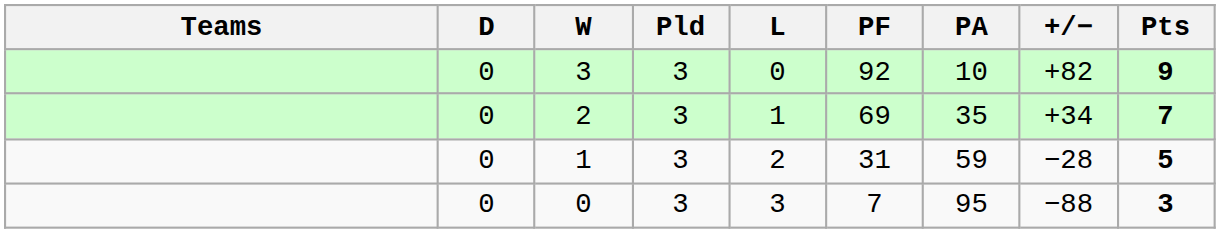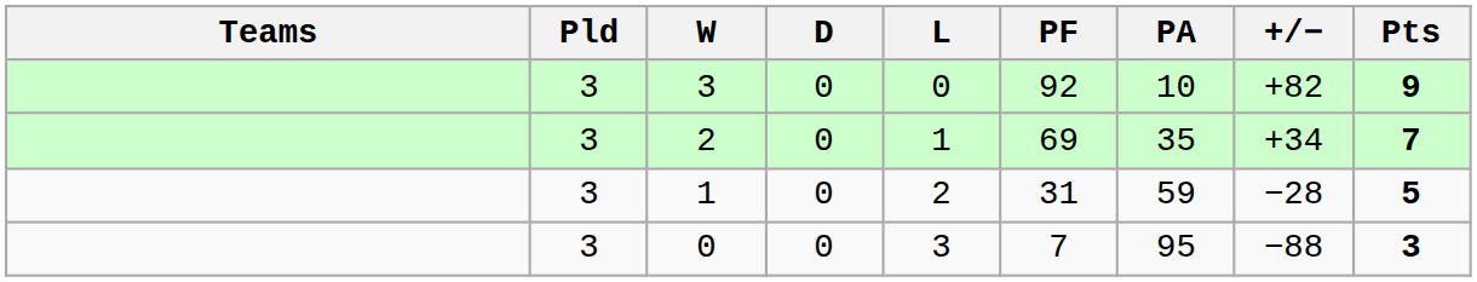 <table class="wikitable" style="text-align: center;">
 <tr>
 <th style="width:200px;">Teams</th>
+<th width="40">Pld</th>
+<th width="40">W</th>
 <th width="40">D</th>
-<th width="40">W</th>
-<th width="40">Pld</th>
 <th width="40">L</th>
 <th width="40">PF</th>
 <th width="40">PA</th>
 <th width="40">+/−</th>
 <th width="40">Pts</th>
 </tr>
 <tr style="background:#cfc;">
 <td align=left></td>
-<td>0</td>
 <td>3</td>
 <td>3</td>
+<td>0</td>
 <td>0</td>
 <td>92</td>
 <td>10</td>
 <td>+82</td>
 <td><strong>9</strong></td>
 </tr>
 <tr style="background:#cfc;">
 <td align=left></td>
+<td>3</td>
+<td>2</td>
 <td>0</td>
-<td>2</td>
-<td>3</td>
 <td>1</td>
 <td>69</td>
 <td>35</td>
 <td>+34</td>
 <td><strong>7</strong></td>
 </tr>
 <tr>
 <td align=left></td>
+<td>3</td>
+<td>1</td>
 <td>0</td>
-<td>1</td>
-<td>3</td>
 <td>2</td>
 <td>31</td>
 <td>59</td>
 <td>−28</td>
 <td><strong>5</strong></td>
 </tr>
 <tr>
 <td align=left></td>
+<td>3</td>
 <td>0</td>
 <td>0</td>
-<td>3</td>
 <td>3</td>
 <td>7</td>
 <td>95</td>
 <td>−88</td>
 <td><strong>3</strong></td>
 </tr>
 </table>
